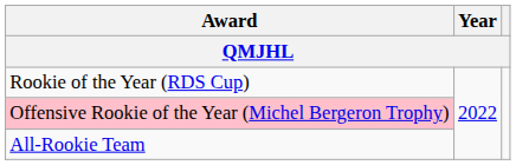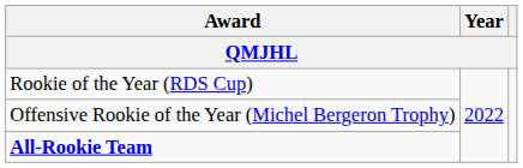 <table class="wikitable">
 <tr>
 <th>Award</th>
 <th>Year</th>
 <th></th>
 </tr>
 <tr>
 <th colspan="3"><a href='#'>QMJHL</a></th>
 </tr>
 <tr>
 <td>Rookie of the Year (<a href='#'>RDS Cup</a>)</td>
 <td rowspan="3"><a href='#'>2022</a></td>
 <td rowspan="3"></td>
 </tr>
 <tr>
-<td style="background: pink;">Offensive Rookie of the Year (<a href='#'>Michel Bergeron Trophy</a>)</td>
+<td>Offensive Rookie of the Year (<a href='#'>Michel Bergeron Trophy</a>)</td>
 </tr>
 <tr>
-<td><a href='#'>All-Rookie Team</a></td>
+<td><strong><a href='#'>All-Rookie Team</a></strong></td>
 </tr>
 </table>
